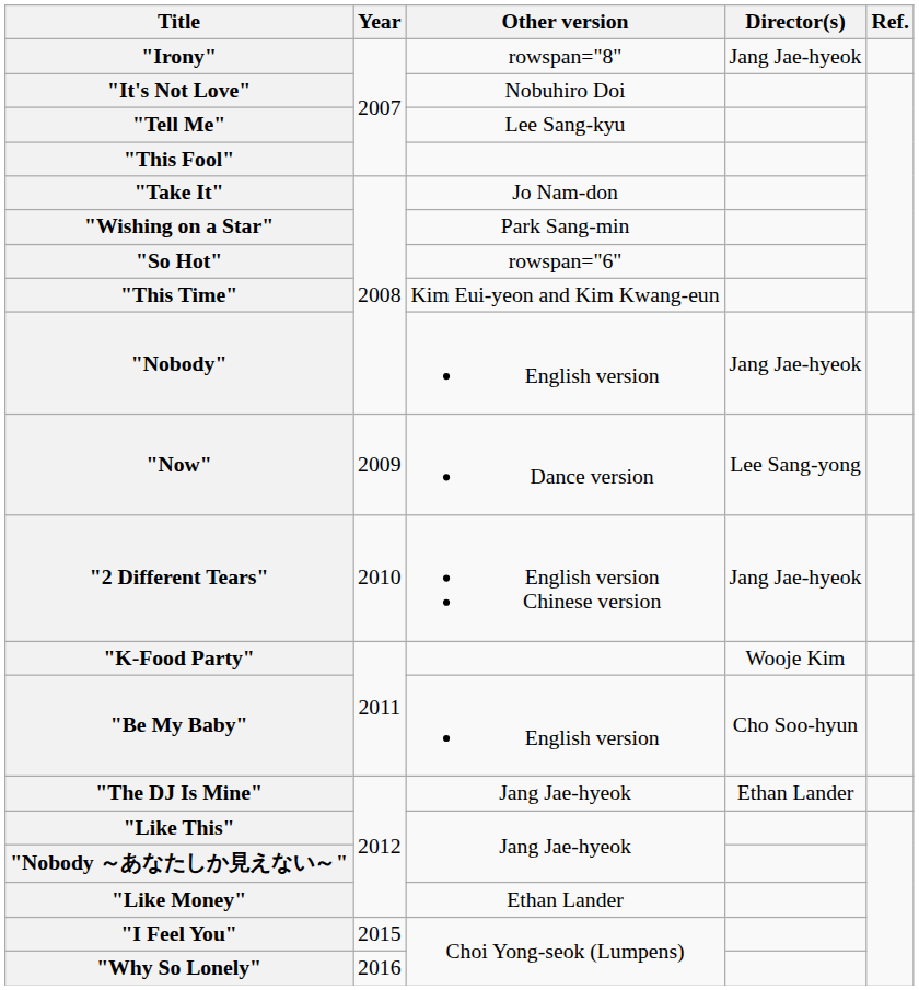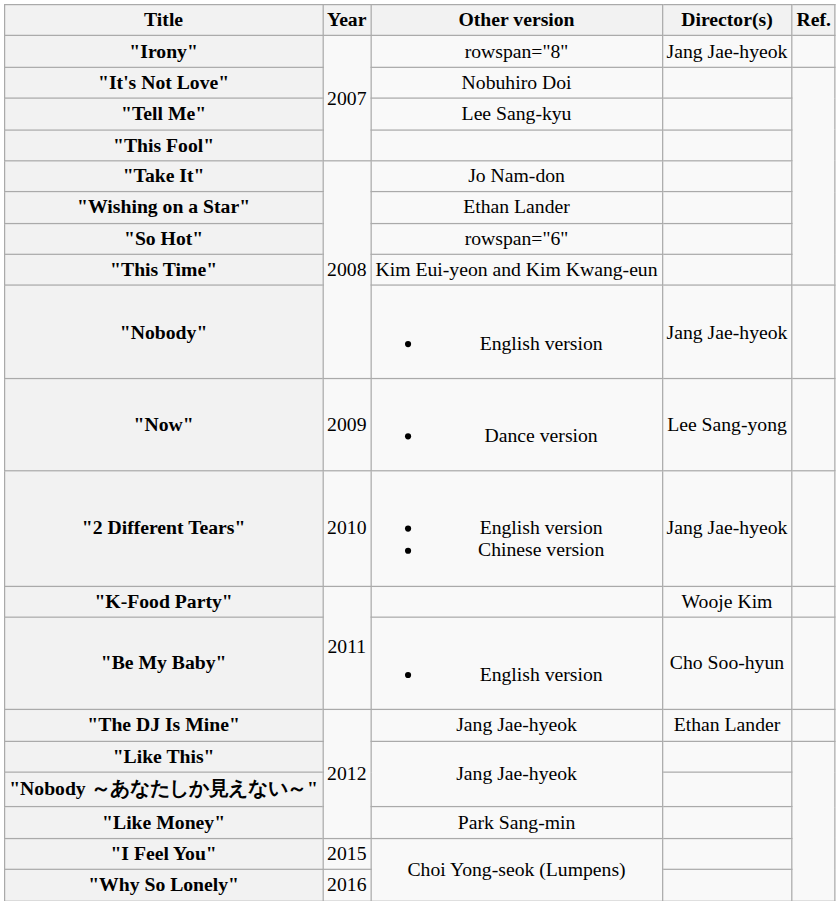 <table class="wikitable plainrowheaders" style="text-align:center;">
 <tr>
 <th scope="col">Title</th>
 <th scope="col">Year</th>
 <th scope="col">Other version</th>
 <th scope="col">Director(s)</th>
 <th scope="col">Ref.</th>
 </tr>
 <tr>
 <th scope="row">"Irony"</th>
 <td rowspan="4">2007</td>
 <td>rowspan="8" </td>
 <td>Jang Jae-hyeok</td>
 <td></td>
 </tr>
 <tr>
 <th scope="row">"It's Not Love"</th>
 <td>Nobuhiro Doi</td>
 <td></td>
 </tr>
 <tr>
 <th scope="row">"Tell Me"</th>
 <td>Lee Sang-kyu</td>
 <td></td>
 </tr>
 <tr>
 <th scope="row">"This Fool"</th>
 <td></td>
 <td></td>
 </tr>
 <tr>
 <th scope="row">"Take It"</th>
 <td rowspan="5">2008</td>
 <td>Jo Nam-don</td>
 <td></td>
 </tr>
 <tr>
 <th scope="row">"Wishing on a Star"</th>
-<td>Park Sang-min</td>
+<td>Ethan Lander</td>
 <td></td>
 </tr>
 <tr>
 <th scope="row">"So Hot"</th>
 <td>rowspan="6" </td>
 <td></td>
 </tr>
 <tr>
 <th scope="row">"This Time"</th>
 <td>Kim Eui-yeon and Kim Kwang-eun</td>
 <td></td>
 </tr>
 <tr>
 <th scope="row">"Nobody"</th>
 <td><br><ul><li>English version</li></ul></td>
 <td>Jang Jae-hyeok</td>
 <td></td>
 </tr>
 <tr>
 <th scope="row">"Now"</th>
 <td>2009</td>
 <td><br><ul><li>Dance version</li></ul></td>
 <td>Lee Sang-yong</td>
 <td></td>
 </tr>
 <tr>
 <th scope="row">"2 Different Tears"</th>
 <td>2010</td>
 <td><br><ul><li>English version</li><li>Chinese version</li></ul></td>
 <td>Jang Jae-hyeok</td>
 <td></td>
 </tr>
 <tr>
 <th scope="row">"K-Food Party"</th>
 <td rowspan="2">2011</td>
 <td></td>
 <td>Wooje Kim</td>
 <td></td>
 </tr>
 <tr>
 <th scope="row">"Be My Baby"</th>
 <td><br><ul><li>English version</li></ul></td>
 <td>Cho Soo-hyun</td>
 <td></td>
 </tr>
 <tr>
 <th scope="row">"The DJ Is Mine"</th>
 <td rowspan="4">2012</td>
 <td>Jang Jae-hyeok</td>
 <td>Ethan Lander</td>
 <td></td>
 </tr>
 <tr>
 <th scope="row">"Like This"</th>
 <td rowspan="2">Jang Jae-hyeok</td>
 <td></td>
 </tr>
 <tr>
 <th scope="row">"Nobody ～あなたしか見えない～"</th>
 <td></td>
 </tr>
 <tr>
 <th scope="row">"Like Money"</th>
-<td>Ethan Lander</td>
+<td>Park Sang-min</td>
 <td></td>
 </tr>
 <tr>
 <th scope="row">"I Feel You"</th>
 <td>2015</td>
 <td rowspan="2">Choi Yong-seok (Lumpens)</td>
 <td></td>
 </tr>
 <tr>
 <th scope="row">"Why So Lonely"</th>
 <td>2016</td>
 <td></td>
 </tr>
 </table>
